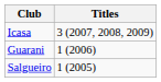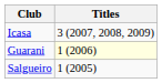 <table class="wikitable sortable">
 <tr>
 <th>Club</th>
 <th>Titles</th>
 </tr>
 <tr>
 <td><a href='#'>Icasa</a></td>
 <td>3 (2007, 2008, 2009)</td>
 </tr>
 <tr>
 <td><a href='#'>Guarani</a></td>
-<td>1 (2006)</td>
+<td style="background: lightyellow;">1 (2006)</td>
 </tr>
 <tr>
 <td><a href='#'>Salgueiro</a></td>
 <td>1 (2005)</td>
 </tr>
 </table>
